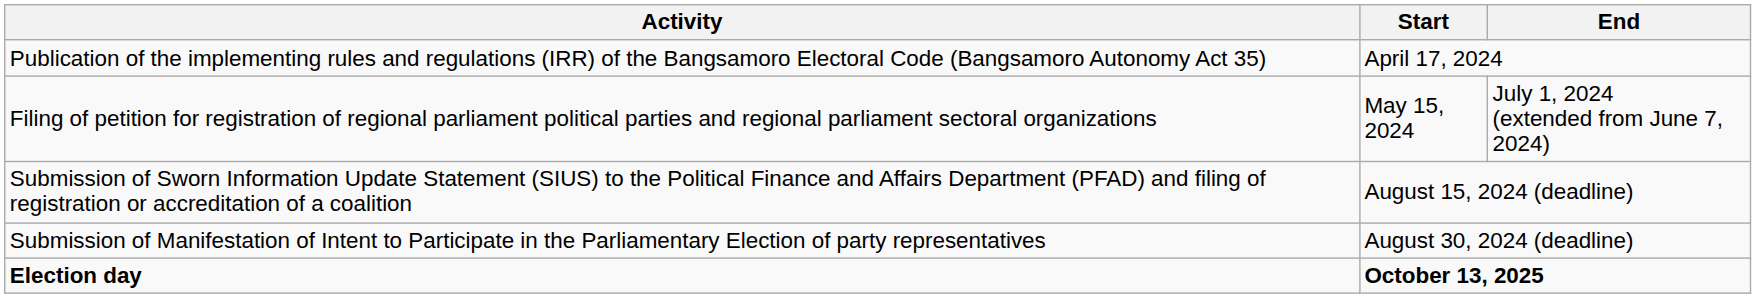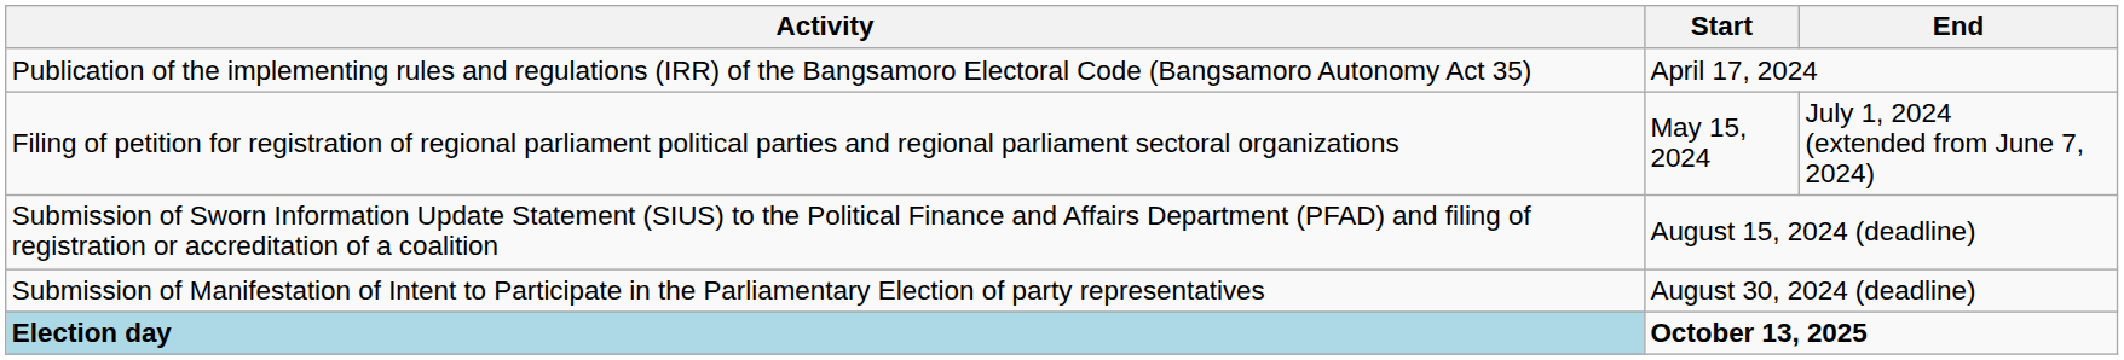 <table class="wikitable">
 <tr>
 <th>Activity</th>
 <th>Start</th>
 <th>End</th>
 </tr>
 <tr>
 <td>Publication of the implementing rules and regulations (IRR) of the Bangsamoro Electoral Code (Bangsamoro Autonomy Act 35)</td>
 <td colspan=2>April 17, 2024</td>
 </tr>
 <tr>
 <td>Filing of petition for registration of regional parliament political parties and regional parliament sectoral organizations</td>
 <td>May 15, 2024</td>
 <td>July 1, 2024<br>(extended from June 7, 2024)</td>
 </tr>
 <tr>
 <td>Submission of Sworn Information Update Statement (SIUS) to the Political Finance and Affairs Department (PFAD) and filing of registration or accreditation of a coalition</td>
 <td colspan=2>August 15, 2024 (deadline)</td>
 </tr>
 <tr>
 <td>Submission of Manifestation of Intent to Participate in the Parliamentary Election of party representatives</td>
 <td colspan=2>August 30, 2024 (deadline)</td>
 </tr>
 <tr>
-<td><strong>Election day</strong></td>
+<td style="background: lightblue;"><strong>Election day</strong></td>
 <td colspan=2><strong>October 13, 2025</strong></td>
 </tr>
 </table>
